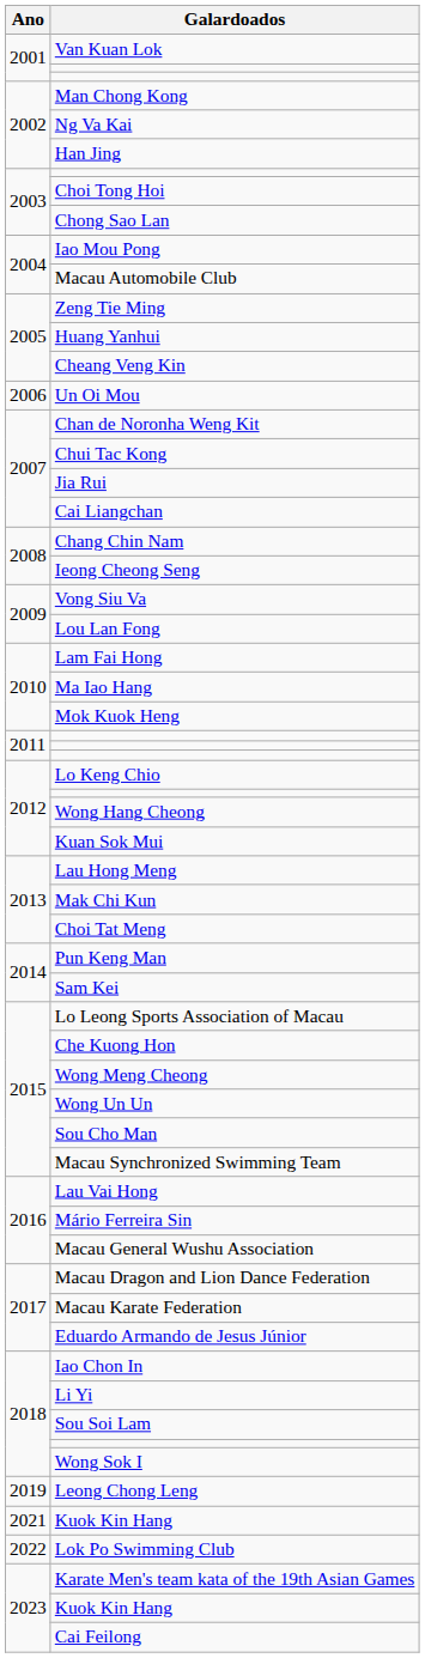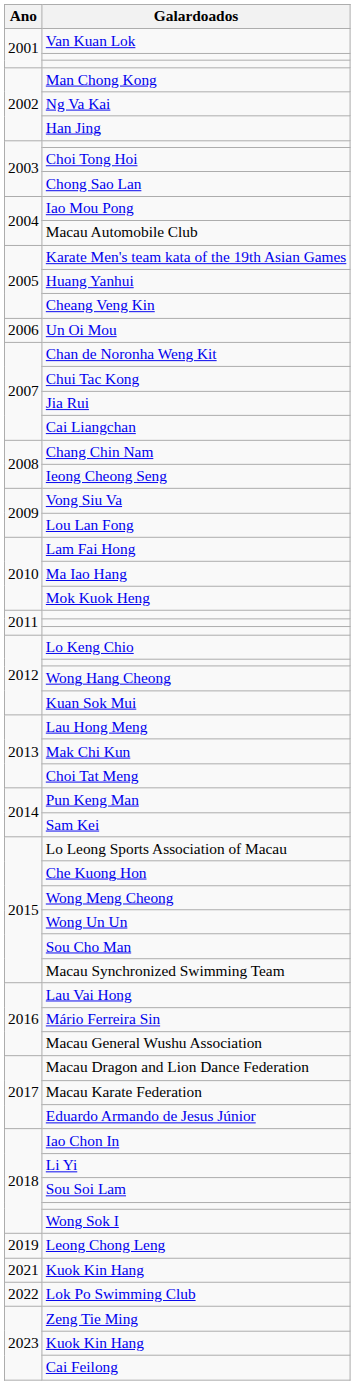 <table class="wikitable">
 <tr>
 <th>Ano</th>
 <th>Galardoados</th>
 </tr>
 <tr>
 <td rowspan="3">2001</td>
 <td><a href='#'>Van Kuan Lok</a></td>
 </tr>
 <tr>
 <td></td>
 </tr>
 <tr>
 <td></td>
 </tr>
 <tr>
 <td rowspan="3">2002</td>
 <td><a href='#'>Man Chong Kong</a></td>
 </tr>
 <tr>
 <td><a href='#'>Ng Va Kai</a></td>
 </tr>
 <tr>
 <td><a href='#'>Han Jing</a></td>
 </tr>
 <tr>
 <td rowspan="3">2003</td>
 <td></td>
 </tr>
 <tr>
 <td><a href='#'>Choi Tong Hoi</a></td>
 </tr>
 <tr>
 <td><a href='#'>Chong Sao Lan</a></td>
 </tr>
 <tr>
 <td rowspan="2">2004</td>
 <td><a href='#'>Iao Mou Pong</a></td>
 </tr>
 <tr>
 <td>Macau Automobile Club</td>
 </tr>
 <tr>
 <td rowspan="3">2005</td>
-<td><a href='#'>Zeng Tie Ming</a></td>
+<td><a href='#'>Karate Men's team kata of the 19th Asian Games</a></td>
 </tr>
 <tr>
 <td><a href='#'>Huang Yanhui</a></td>
 </tr>
 <tr>
 <td><a href='#'>Cheang Veng Kin</a></td>
 </tr>
 <tr>
 <td>2006</td>
 <td><a href='#'>Un Oi Mou</a></td>
 </tr>
 <tr>
 <td rowspan="4">2007</td>
 <td><a href='#'>Chan de Noronha Weng Kit</a></td>
 </tr>
 <tr>
 <td><a href='#'>Chui Tac Kong</a></td>
 </tr>
 <tr>
 <td><a href='#'>Jia Rui</a></td>
 </tr>
 <tr>
 <td><a href='#'>Cai Liangchan</a></td>
 </tr>
 <tr>
 <td rowspan="2">2008</td>
 <td><a href='#'>Chang Chin Nam</a></td>
 </tr>
 <tr>
 <td><a href='#'>Ieong Cheong Seng</a></td>
 </tr>
 <tr>
 <td rowspan="2">2009</td>
 <td><a href='#'>Vong Siu Va</a></td>
 </tr>
 <tr>
 <td><a href='#'>Lou Lan Fong</a></td>
 </tr>
 <tr>
 <td rowspan="3">2010</td>
 <td><a href='#'>Lam Fai Hong</a></td>
 </tr>
 <tr>
 <td><a href='#'>Ma Iao Hang</a></td>
 </tr>
 <tr>
 <td><a href='#'>Mok Kuok Heng</a></td>
 </tr>
 <tr>
 <td rowspan="3">2011</td>
 <td></td>
 </tr>
 <tr>
 <td></td>
 </tr>
 <tr>
 <td></td>
 </tr>
 <tr>
 <td rowspan="4">2012</td>
 <td><a href='#'>Lo Keng Chio</a></td>
 </tr>
 <tr>
 <td></td>
 </tr>
 <tr>
 <td><a href='#'>Wong Hang Cheong</a></td>
 </tr>
 <tr>
 <td><a href='#'>Kuan Sok Mui</a></td>
 </tr>
 <tr>
 <td rowspan="3">2013</td>
 <td><a href='#'>Lau Hong Meng</a></td>
 </tr>
 <tr>
 <td><a href='#'>Mak Chi Kun</a></td>
 </tr>
 <tr>
 <td><a href='#'>Choi Tat Meng</a></td>
 </tr>
 <tr>
 <td rowspan="2">2014</td>
 <td><a href='#'>Pun Keng Man</a></td>
 </tr>
 <tr>
 <td><a href='#'>Sam Kei</a></td>
 </tr>
 <tr>
 <td rowspan="6">2015</td>
 <td>Lo Leong Sports Association of Macau</td>
 </tr>
 <tr>
 <td><a href='#'>Che Kuong Hon</a></td>
 </tr>
 <tr>
 <td><a href='#'>Wong Meng Cheong</a></td>
 </tr>
 <tr>
 <td><a href='#'>Wong Un Un</a></td>
 </tr>
 <tr>
 <td><a href='#'>Sou Cho Man</a></td>
 </tr>
 <tr>
 <td>Macau Synchronized Swimming Team</td>
 </tr>
 <tr>
 <td rowspan="3">2016</td>
 <td><a href='#'>Lau Vai Hong</a></td>
 </tr>
 <tr>
 <td><a href='#'>Mário Ferreira Sin</a></td>
 </tr>
 <tr>
 <td>Macau General Wushu Association</td>
 </tr>
 <tr>
 <td rowspan="3">2017</td>
 <td>Macau Dragon and Lion Dance Federation</td>
 </tr>
 <tr>
 <td>Macau Karate Federation</td>
 </tr>
 <tr>
 <td><a href='#'>Eduardo Armando de Jesus Júnior</a></td>
 </tr>
 <tr>
 <td rowspan="5">2018</td>
 <td><a href='#'>Iao Chon In</a></td>
 </tr>
 <tr>
 <td><a href='#'>Li Yi</a></td>
 </tr>
 <tr>
 <td><a href='#'>Sou Soi Lam</a></td>
 </tr>
 <tr>
 <td></td>
 </tr>
 <tr>
 <td><a href='#'>Wong Sok I</a></td>
 </tr>
 <tr>
 <td>2019</td>
 <td><a href='#'>Leong Chong Leng</a></td>
 </tr>
 <tr>
 <td>2021</td>
 <td><a href='#'>Kuok Kin Hang</a></td>
 </tr>
 <tr>
 <td>2022</td>
 <td><a href='#'>Lok Po Swimming Club</a></td>
 </tr>
 <tr>
 <td rowspan="3">2023</td>
-<td><a href='#'>Karate Men's team kata of the 19th Asian Games</a></td>
+<td><a href='#'>Zeng Tie Ming</a></td>
 </tr>
 <tr>
 <td><a href='#'>Kuok Kin Hang</a></td>
 </tr>
 <tr>
 <td><a href='#'>Cai Feilong</a></td>
 </tr>
 </table>
